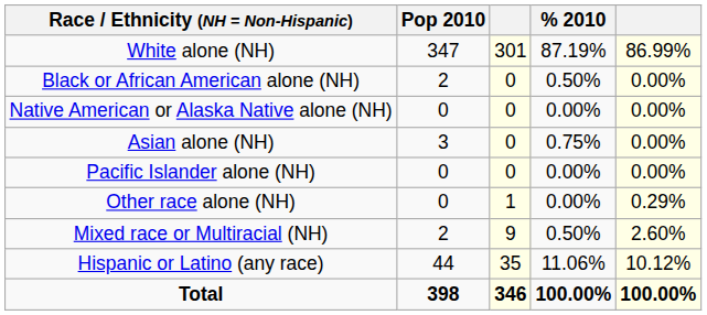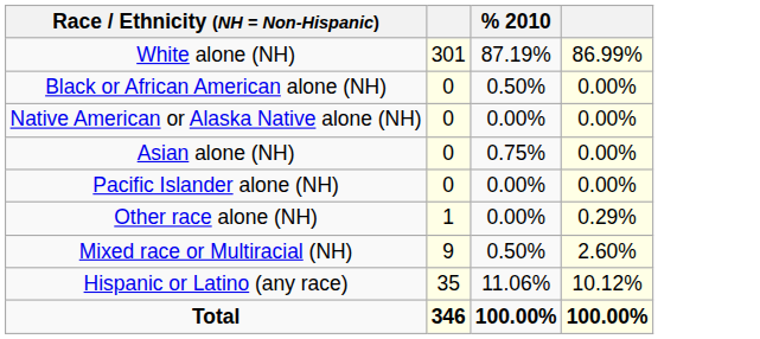 <table class="wikitable" style="text-align:center;">
 <tr>
 <th>Race / Ethnicity <small>(<em>NH = Non-Hispanic</em>)</small></th>
-<th>Pop 2010</th>
 <th></th>
 <th>% 2010</th>
 <th></th>
 </tr>
 <tr>
 <td><a href='#'>White</a> alone (NH)</td>
-<td>347</td>
 <td style='background: #ffffe6;'>301</td>
 <td>87.19%</td>
 <td style='background: #ffffe6;'>86.99%</td>
 </tr>
 <tr>
 <td><a href='#'>Black or African American</a> alone (NH)</td>
-<td>2</td>
 <td style='background: #ffffe6;'>0</td>
 <td>0.50%</td>
 <td style='background: #ffffe6;'>0.00%</td>
 </tr>
 <tr>
 <td><a href='#'>Native American</a> or <a href='#'>Alaska Native</a> alone (NH)</td>
-<td>0</td>
 <td style='background: #ffffe6;'>0</td>
 <td>0.00%</td>
 <td style='background: #ffffe6;'>0.00%</td>
 </tr>
 <tr>
 <td><a href='#'>Asian</a> alone (NH)</td>
-<td>3</td>
 <td style='background: #ffffe6;'>0</td>
 <td>0.75%</td>
 <td style='background: #ffffe6;'>0.00%</td>
 </tr>
 <tr>
 <td><a href='#'>Pacific Islander</a> alone (NH)</td>
-<td>0</td>
 <td style='background: #ffffe6;'>0</td>
 <td>0.00%</td>
 <td style='background: #ffffe6;'>0.00%</td>
 </tr>
 <tr>
 <td><a href='#'>Other race</a> alone (NH)</td>
-<td>0</td>
 <td style='background: #ffffe6;'>1</td>
 <td>0.00%</td>
 <td style='background: #ffffe6;'>0.29%</td>
 </tr>
 <tr>
 <td><a href='#'>Mixed race or Multiracial</a> (NH)</td>
-<td>2</td>
 <td style='background: #ffffe6;'>9</td>
 <td>0.50%</td>
 <td style='background: #ffffe6;'>2.60%</td>
 </tr>
 <tr>
 <td><a href='#'>Hispanic or Latino</a> (any race)</td>
-<td>44</td>
 <td style='background: #ffffe6;'>35</td>
 <td>11.06%</td>
 <td style='background: #ffffe6;'>10.12%</td>
 </tr>
 <tr>
 <td><strong>Total</strong></td>
-<td><strong>398</strong></td>
 <td style='background: #ffffe6;'><strong>346</strong></td>
 <td><strong>100.00%</strong></td>
 <td style='background: #ffffe6;'><strong>100.00%</strong></td>
 </tr>
 </table>
